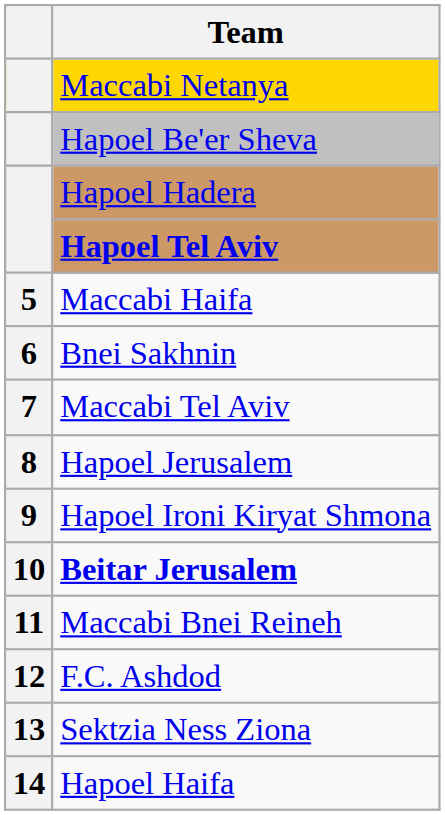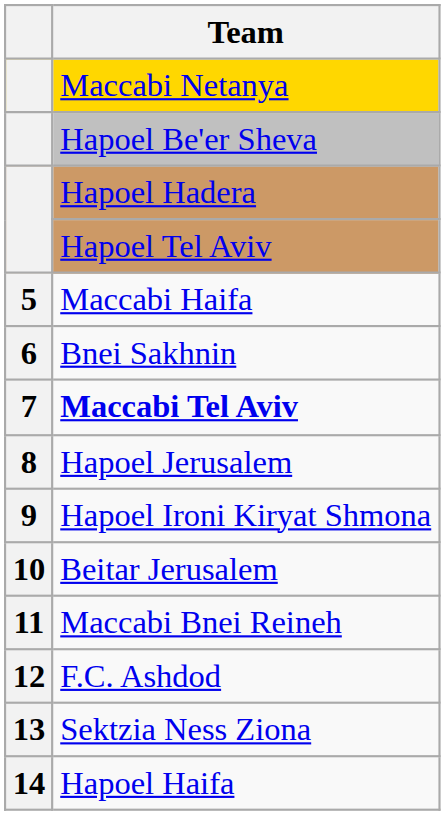 <table class="wikitable" style="font-size: 95%; text-align: left;">
 <tr>
 <th></th>
 <th>Team</th>
 </tr>
 <tr bgcolor=gold>
 <th></th>
 <td><a href='#'>Maccabi Netanya</a></td>
 </tr>
 <tr bgcolor=silver>
 <th></th>
 <td><a href='#'>Hapoel Be'er Sheva</a></td>
 </tr>
 <tr bgcolor=CC9966>
 <th rowspan=2></th>
 <td><a href='#'>Hapoel Hadera</a></td>
 </tr>
 <tr bgcolor=CC9966>
-<td><strong><a href='#'>Hapoel Tel Aviv</a></strong></td>
+<td><a href='#'>Hapoel Tel Aviv</a></td>
 </tr>
 <tr>
 <th>5</th>
 <td><a href='#'>Maccabi Haifa</a></td>
 </tr>
 <tr>
 <th>6</th>
 <td><a href='#'>Bnei Sakhnin</a></td>
 </tr>
 <tr>
 <th>7</th>
-<td><a href='#'>Maccabi Tel Aviv</a></td>
+<td><strong><a href='#'>Maccabi Tel Aviv</a></strong></td>
 </tr>
 <tr>
 <th>8</th>
 <td><a href='#'>Hapoel Jerusalem</a></td>
 </tr>
 <tr>
 <th>9</th>
 <td><a href='#'>Hapoel Ironi Kiryat Shmona</a></td>
 </tr>
 <tr>
 <th>10</th>
-<td><strong><a href='#'>Beitar Jerusalem</a></strong></td>
+<td><a href='#'>Beitar Jerusalem</a></td>
 </tr>
 <tr>
 <th>11</th>
 <td><a href='#'>Maccabi Bnei Reineh</a></td>
 </tr>
 <tr>
 <th>12</th>
 <td><a href='#'>F.C. Ashdod</a></td>
 </tr>
 <tr>
 <th>13</th>
 <td><a href='#'>Sektzia Ness Ziona</a></td>
 </tr>
 <tr>
 <th>14</th>
 <td><a href='#'>Hapoel Haifa</a></td>
 </tr>
 </table>
